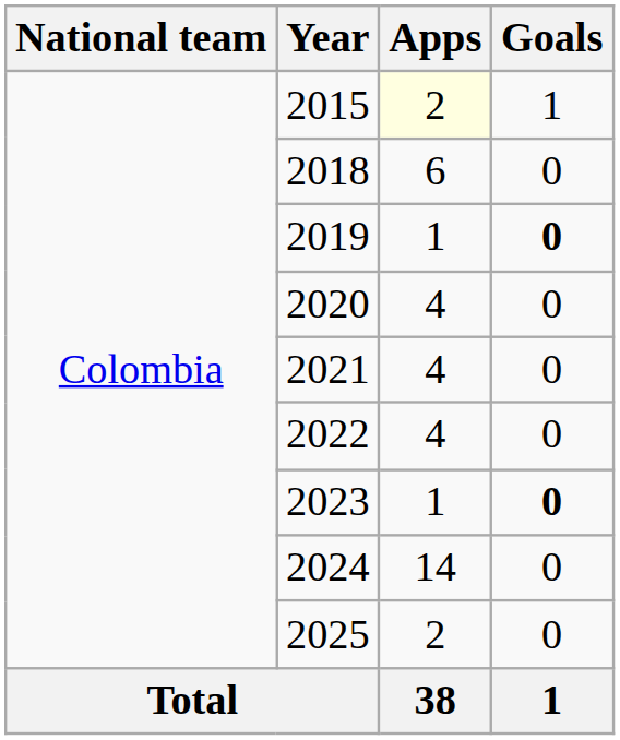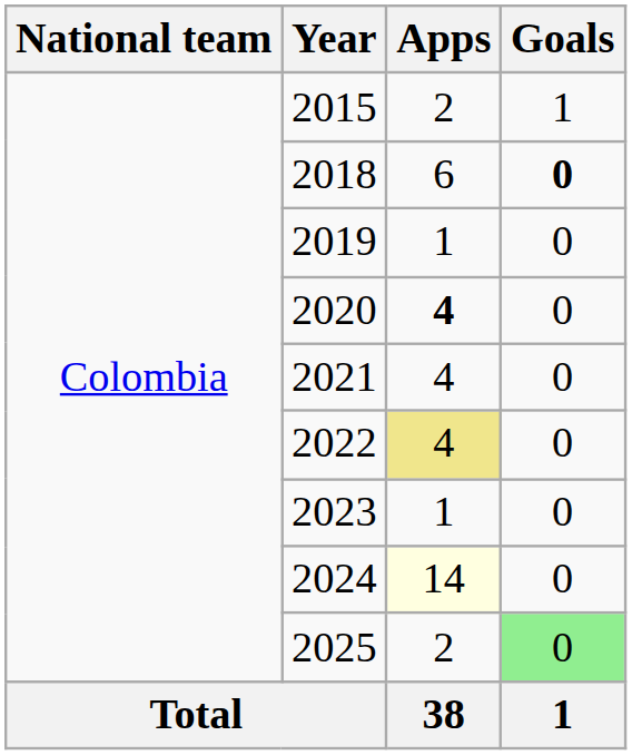 <table class="wikitable" style="text-align:center">
 <tr>
 <th>National team</th>
 <th>Year</th>
 <th>Apps</th>
 <th>Goals</th>
 </tr>
 <tr>
 <td rowspan="9"><a href='#'>Colombia</a></td>
 <td>2015</td>
-<td style="background: lightyellow;">2</td>
+<td>2</td>
 <td>1</td>
 </tr>
 <tr>
 <td>2018</td>
 <td>6</td>
-<td>0</td>
+<td><strong>0</strong></td>
 </tr>
 <tr>
 <td>2019</td>
 <td>1</td>
-<td><strong>0</strong></td>
+<td>0</td>
 </tr>
 <tr>
 <td>2020</td>
-<td>4</td>
+<td><strong>4</strong></td>
 <td>0</td>
 </tr>
 <tr>
 <td>2021</td>
 <td>4</td>
 <td>0</td>
 </tr>
 <tr>
 <td>2022</td>
-<td>4</td>
+<td style="background: khaki;">4</td>
 <td>0</td>
 </tr>
 <tr>
 <td>2023</td>
 <td>1</td>
-<td><strong>0</strong></td>
+<td>0</td>
 </tr>
 <tr>
 <td>2024</td>
-<td>14</td>
+<td style="background: lightyellow;">14</td>
 <td>0</td>
 </tr>
 <tr>
 <td>2025</td>
 <td>2</td>
-<td>0</td>
+<td style="background: lightgreen;">0</td>
 </tr>
 <tr>
 <th colspan="2">Total</th>
 <th>38</th>
 <th>1</th>
 </tr>
 </table>
